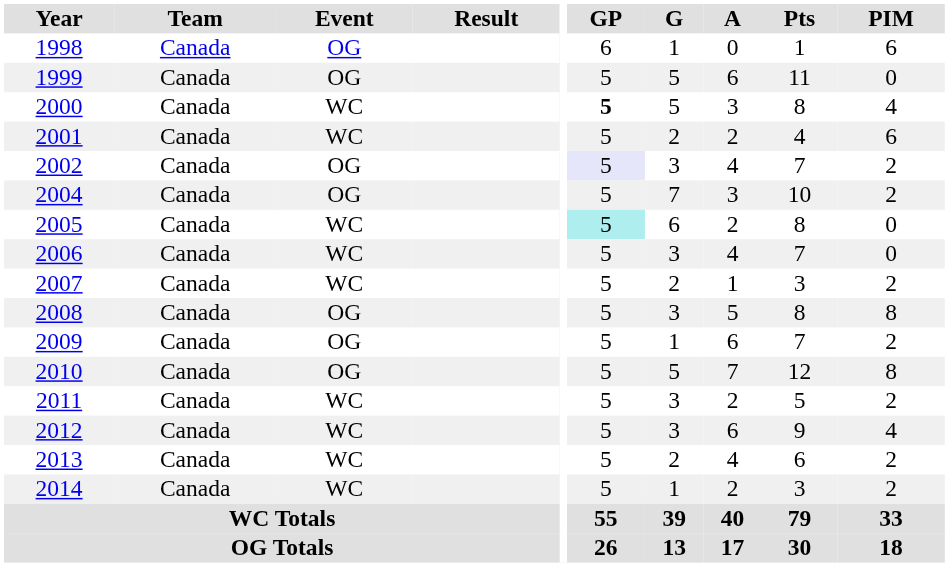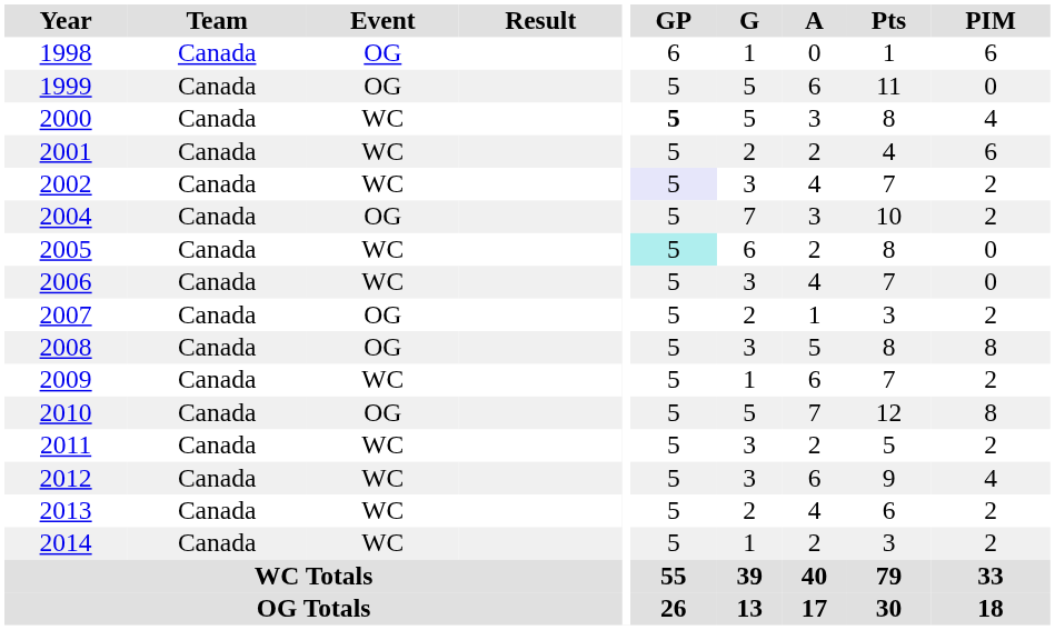 <table border="0" cellpadding="1" cellspacing="0" ID="Table3" style="text-align:center; width:40em">
 <tr ALIGN="center" bgcolor="#e0e0e0">
 <th>Year</th>
 <th>Team</th>
 <th>Event</th>
 <th>Result</th>
 <th rowspan="99" bgcolor="#ffffff"></th>
 <th>GP</th>
 <th>G</th>
 <th>A</th>
 <th>Pts</th>
 <th>PIM</th>
 </tr>
 <tr style="text-align:center;">
 <td><a href='#'>1998</a></td>
 <td><a href='#'>Canada</a></td>
 <td><a href='#'>OG</a></td>
 <td></td>
 <td>6</td>
 <td>1</td>
 <td>0</td>
 <td>1</td>
 <td>6</td>
 </tr>
 <tr style="text-align:center; background:#f0f0f0;">
 <td><a href='#'>1999</a></td>
 <td>Canada</td>
 <td>OG</td>
 <td></td>
 <td>5</td>
 <td>5</td>
 <td>6</td>
 <td>11</td>
 <td>0</td>
 </tr>
 <tr style="text-align:center;">
 <td><a href='#'>2000</a></td>
 <td>Canada</td>
 <td>WC</td>
 <td></td>
 <td><strong>5</strong></td>
 <td>5</td>
 <td>3</td>
 <td>8</td>
 <td>4</td>
 </tr>
 <tr style="text-align:center; background:#f0f0f0;">
 <td><a href='#'>2001</a></td>
 <td>Canada</td>
 <td>WC</td>
 <td></td>
 <td>5</td>
 <td>2</td>
 <td>2</td>
 <td>4</td>
 <td>6</td>
 </tr>
 <tr style="text-align:center;">
 <td><a href='#'>2002</a></td>
 <td>Canada</td>
-<td>OG</td>
+<td>WC</td>
 <td></td>
 <td style="background: lavender;">5</td>
 <td>3</td>
 <td>4</td>
 <td>7</td>
 <td>2</td>
 </tr>
 <tr style="text-align:center; background:#f0f0f0;">
 <td><a href='#'>2004</a></td>
 <td>Canada</td>
 <td>OG</td>
 <td></td>
 <td>5</td>
 <td>7</td>
 <td>3</td>
 <td>10</td>
 <td>2</td>
 </tr>
 <tr style="text-align:center;">
 <td><a href='#'>2005</a></td>
 <td>Canada</td>
 <td>WC</td>
 <td></td>
 <td style="background: paleturquoise;">5</td>
 <td>6</td>
 <td>2</td>
 <td>8</td>
 <td>0</td>
 </tr>
 <tr style="text-align:center; background:#f0f0f0;">
 <td><a href='#'>2006</a></td>
 <td>Canada</td>
 <td>WC</td>
 <td></td>
 <td>5</td>
 <td>3</td>
 <td>4</td>
 <td>7</td>
 <td>0</td>
 </tr>
 <tr style="text-align:center;">
 <td><a href='#'>2007</a></td>
 <td>Canada</td>
-<td>WC</td>
+<td>OG</td>
 <td></td>
 <td>5</td>
 <td>2</td>
 <td>1</td>
 <td>3</td>
 <td>2</td>
 </tr>
 <tr style="text-align:center; background:#f0f0f0;">
 <td><a href='#'>2008</a></td>
 <td>Canada</td>
 <td>OG</td>
 <td></td>
 <td>5</td>
 <td>3</td>
 <td>5</td>
 <td>8</td>
 <td>8</td>
 </tr>
 <tr style="text-align:center;">
 <td><a href='#'>2009</a></td>
 <td>Canada</td>
-<td>OG</td>
+<td>WC</td>
 <td></td>
 <td>5</td>
 <td>1</td>
 <td>6</td>
 <td>7</td>
 <td>2</td>
 </tr>
 <tr style="text-align:center; background:#f0f0f0;">
 <td><a href='#'>2010</a></td>
 <td>Canada</td>
 <td>OG</td>
 <td></td>
 <td>5</td>
 <td>5</td>
 <td>7</td>
 <td>12</td>
 <td>8</td>
 </tr>
 <tr style="text-align:center;">
 <td><a href='#'>2011</a></td>
 <td>Canada</td>
 <td>WC</td>
 <td></td>
 <td>5</td>
 <td>3</td>
 <td>2</td>
 <td>5</td>
 <td>2</td>
 </tr>
 <tr style="text-align:center; background:#f0f0f0;">
 <td><a href='#'>2012</a></td>
 <td>Canada</td>
 <td>WC</td>
 <td></td>
 <td>5</td>
 <td>3</td>
 <td>6</td>
 <td>9</td>
 <td>4</td>
 </tr>
 <tr style="text-align:center;">
 <td><a href='#'>2013</a></td>
 <td>Canada</td>
 <td>WC</td>
 <td></td>
 <td>5</td>
 <td>2</td>
 <td>4</td>
 <td>6</td>
 <td>2</td>
 </tr>
 <tr style="text-align:center; background:#f0f0f0;">
 <td><a href='#'>2014</a></td>
 <td>Canada</td>
 <td>WC</td>
 <td></td>
 <td>5</td>
 <td>1</td>
 <td>2</td>
 <td>3</td>
 <td>2</td>
 </tr>
 <tr style="text-align:center; background:#e0e0e0;">
 <th colspan="4">WC Totals</th>
 <th>55</th>
 <th>39</th>
 <th>40</th>
 <th>79</th>
 <th>33</th>
 </tr>
 <tr style="text-align:center; background:#e0e0e0;">
 <th colspan="4">OG Totals</th>
 <th>26</th>
 <th>13</th>
 <th>17</th>
 <th>30</th>
 <th>18</th>
 </tr>
 </table>
